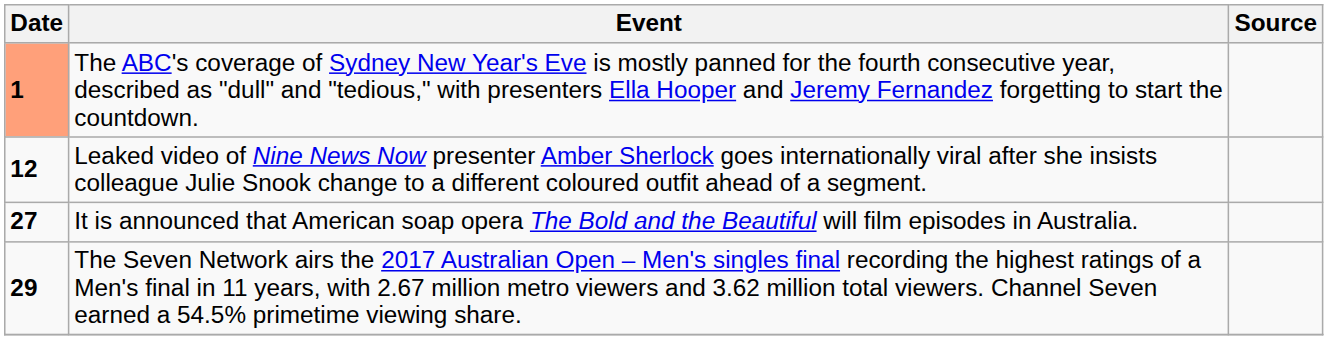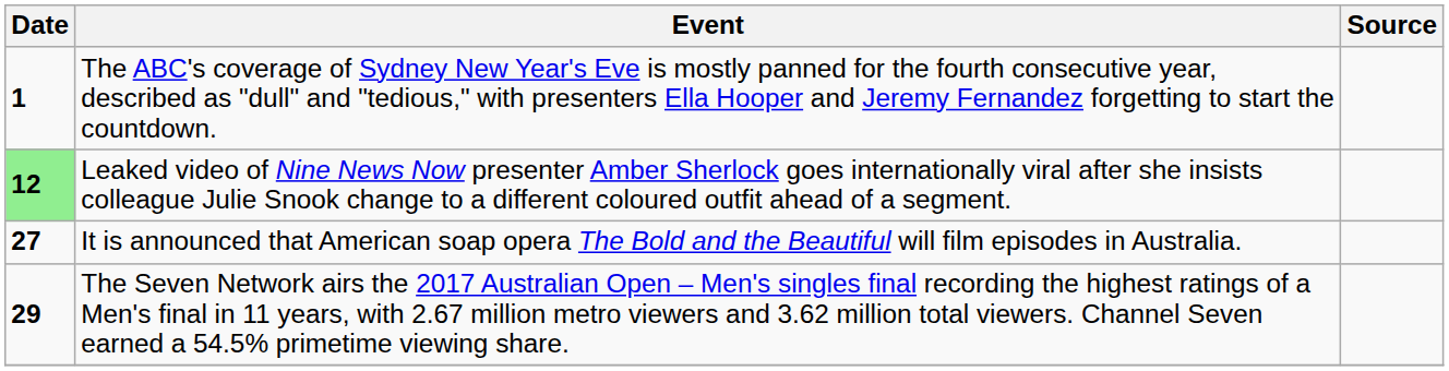 <table class="wikitable">
 <tr>
 <th>Date</th>
 <th>Event</th>
 <th>Source</th>
 </tr>
 <tr>
-<td style="background: lightsalmon;"><strong>1</strong></td>
+<td><strong>1</strong></td>
 <td>The <a href='#'>ABC</a>'s coverage of <a href='#'>Sydney New Year's Eve</a> is mostly panned for the fourth consecutive year, described as "dull" and "tedious," with presenters <a href='#'>Ella Hooper</a> and <a href='#'>Jeremy Fernandez</a> forgetting to start the countdown.</td>
 <td></td>
 </tr>
 <tr>
-<td><strong>12</strong></td>
+<td style="background: lightgreen;"><strong>12</strong></td>
 <td>Leaked video of <em><a href='#'>Nine News Now</a></em> presenter <a href='#'>Amber Sherlock</a> goes internationally viral after she insists colleague Julie Snook change to a different coloured outfit ahead of a segment.</td>
 <td></td>
 </tr>
 <tr>
 <td><strong>27</strong></td>
 <td>It is announced that American soap opera <em><a href='#'>The Bold and the Beautiful</a></em> will film episodes in Australia.</td>
 <td></td>
 </tr>
 <tr>
 <td><strong>29</strong></td>
 <td>The Seven Network airs the <a href='#'>2017 Australian Open – Men's singles final</a> recording the highest ratings of a Men's final in 11 years, with 2.67 million metro viewers and 3.62 million total viewers. Channel Seven earned a 54.5% primetime viewing share.</td>
 <td></td>
 </tr>
 <tr>
 </tr>
 </table>
